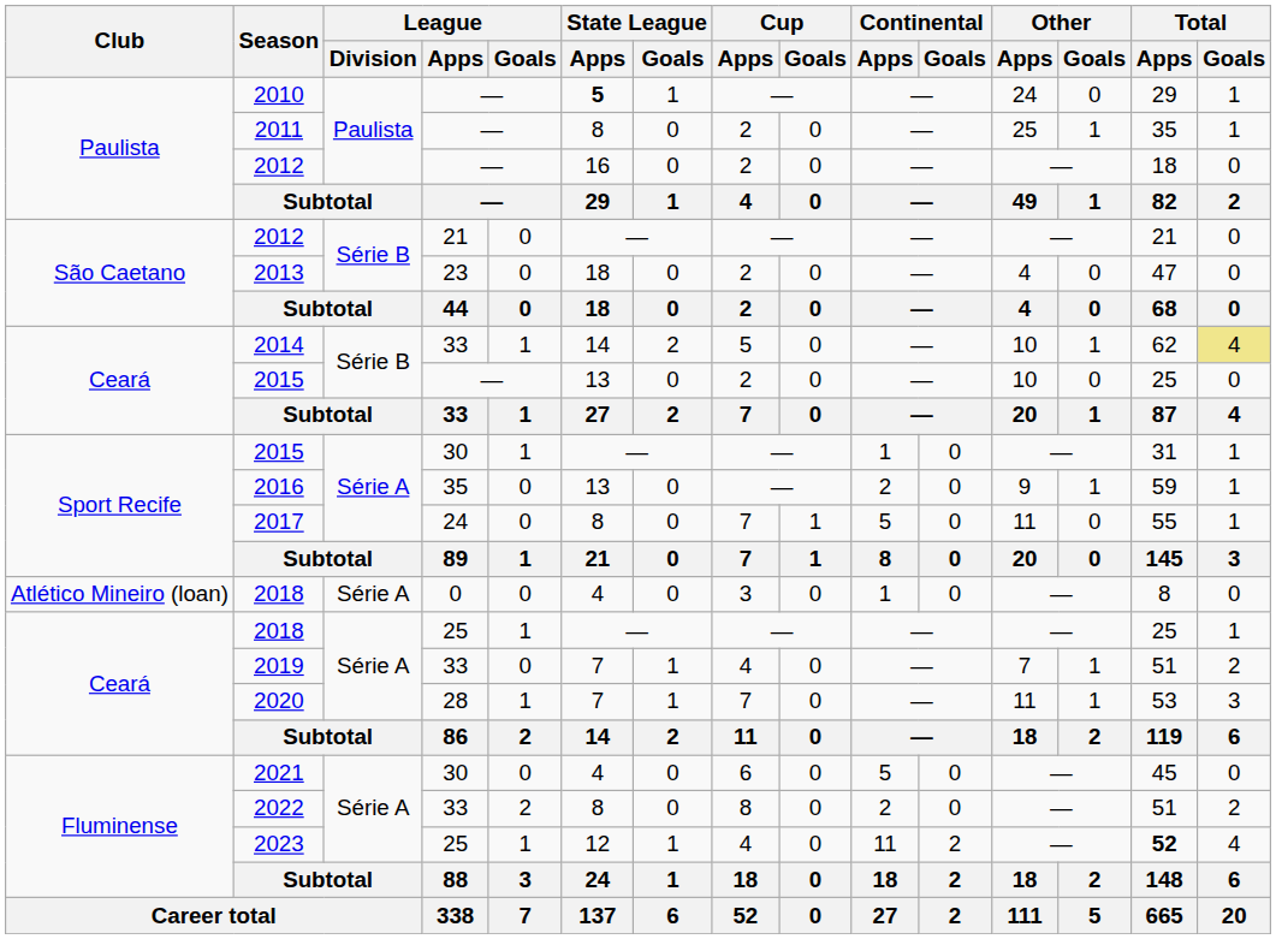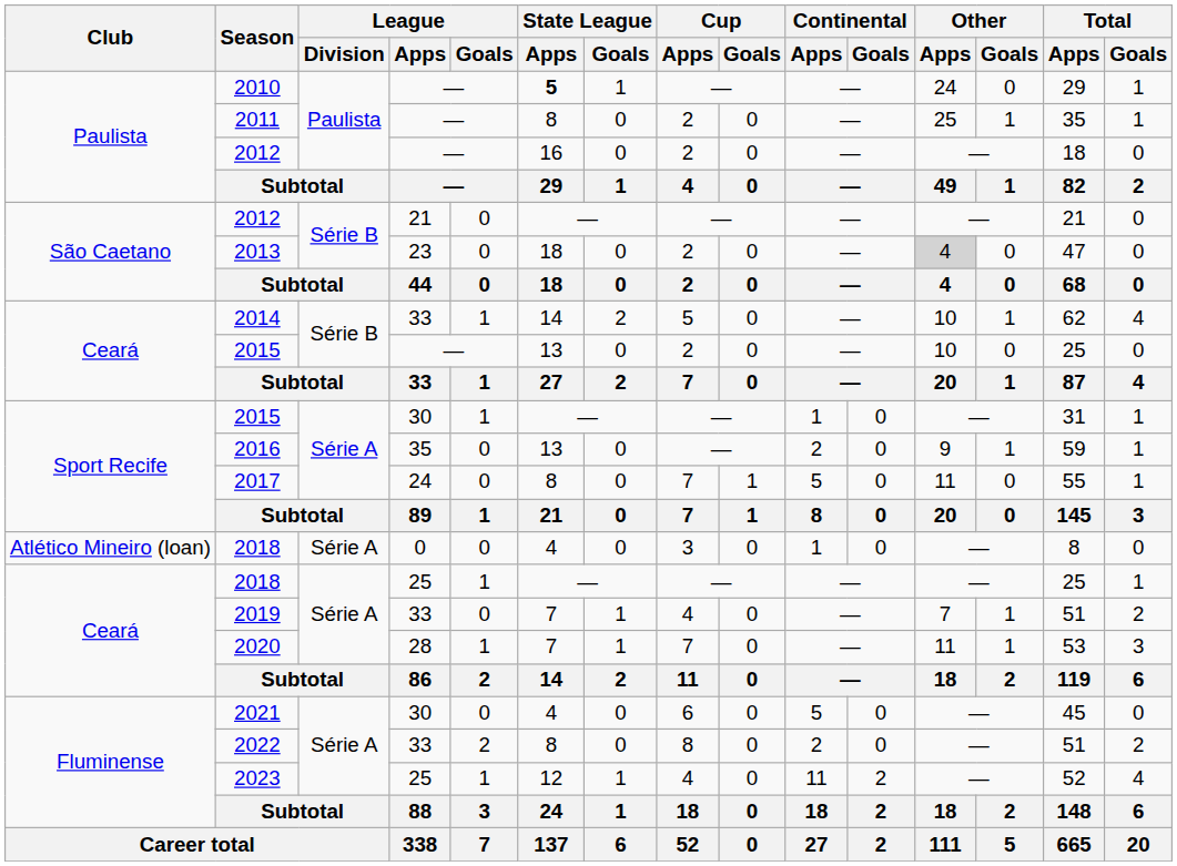 <table class="wikitable" style="text-align: center;">
 <tr>
 <th rowspan="2">Club</th>
 <th rowspan="2">Season</th>
 <th colspan="3">League</th>
 <th colspan="2">State League</th>
 <th colspan="2">Cup</th>
 <th colspan="2">Continental</th>
 <th colspan="2">Other</th>
 <th colspan="2">Total</th>
 </tr>
 <tr>
 <th>Division</th>
 <th>Apps</th>
 <th>Goals</th>
 <th>Apps</th>
 <th>Goals</th>
 <th>Apps</th>
 <th>Goals</th>
 <th>Apps</th>
 <th>Goals</th>
 <th>Apps</th>
 <th>Goals</th>
 <th>Apps</th>
 <th>Goals</th>
 </tr>
 <tr>
 <td rowspan=4 valign="center"><a href='#'>Paulista</a></td>
 <td><a href='#'>2010</a></td>
 <td rowspan=3><a href='#'>Paulista</a></td>
 <td colspan="2">—</td>
 <td><strong>5</strong></td>
 <td>1</td>
 <td colspan="2">—</td>
 <td colspan="2">—</td>
 <td>24</td>
 <td>0</td>
 <td>29</td>
 <td>1</td>
 </tr>
 <tr>
 <td><a href='#'>2011</a></td>
 <td colspan="2">—</td>
 <td>8</td>
 <td>0</td>
 <td>2</td>
 <td>0</td>
 <td colspan="2">—</td>
 <td>25</td>
 <td>1</td>
 <td>35</td>
 <td>1</td>
 </tr>
 <tr>
 <td><a href='#'>2012</a></td>
 <td colspan="2">—</td>
 <td>16</td>
 <td>0</td>
 <td>2</td>
 <td>0</td>
 <td colspan="2">—</td>
 <td colspan="2">—</td>
 <td>18</td>
 <td>0</td>
 </tr>
 <tr>
 <th colspan="2"><strong>Subtotal</strong></th>
 <th colspan="2">—</th>
 <th>29</th>
 <th>1</th>
 <th>4</th>
 <th>0</th>
 <th colspan="2">—</th>
 <th>49</th>
 <th>1</th>
 <th>82</th>
 <th>2</th>
 </tr>
 <tr>
 <td rowspan=3 valign="center"><a href='#'>São Caetano</a></td>
 <td><a href='#'>2012</a></td>
 <td rowspan=2><a href='#'>Série B</a></td>
 <td>21</td>
 <td>0</td>
 <td colspan="2">—</td>
 <td colspan="2">—</td>
 <td colspan="2">—</td>
 <td colspan="2">—</td>
 <td>21</td>
 <td>0</td>
 </tr>
 <tr>
 <td><a href='#'>2013</a></td>
 <td>23</td>
 <td>0</td>
 <td>18</td>
 <td>0</td>
 <td>2</td>
 <td>0</td>
 <td colspan="2">—</td>
-<td>4</td>
+<td style="background: lightgrey;">4</td>
 <td>0</td>
 <td>47</td>
 <td>0</td>
 </tr>
 <tr>
 <th colspan="2"><strong>Subtotal</strong></th>
 <th>44</th>
 <th>0</th>
 <th>18</th>
 <th>0</th>
 <th>2</th>
 <th>0</th>
 <th colspan="2">—</th>
 <th>4</th>
 <th>0</th>
 <th>68</th>
 <th>0</th>
 </tr>
 <tr>
 <td rowspan=3 valign="center"><a href='#'>Ceará</a></td>
 <td><a href='#'>2014</a></td>
 <td rowspan=2>Série B</td>
 <td>33</td>
 <td>1</td>
 <td>14</td>
 <td>2</td>
 <td>5</td>
 <td>0</td>
 <td colspan="2">—</td>
 <td>10</td>
 <td>1</td>
 <td>62</td>
-<td style="background: khaki;">4</td>
+<td>4</td>
 </tr>
 <tr>
 <td><a href='#'>2015</a></td>
 <td colspan="2">—</td>
 <td>13</td>
 <td>0</td>
 <td>2</td>
 <td>0</td>
 <td colspan="2">—</td>
 <td>10</td>
 <td>0</td>
 <td>25</td>
 <td>0</td>
 </tr>
 <tr>
 <th colspan="2"><strong>Subtotal</strong></th>
 <th>33</th>
 <th>1</th>
 <th>27</th>
 <th>2</th>
 <th>7</th>
 <th>0</th>
 <th colspan="2">—</th>
 <th>20</th>
 <th>1</th>
 <th>87</th>
 <th>4</th>
 </tr>
 <tr>
 <td rowspan=4 valign="center"><a href='#'>Sport Recife</a></td>
 <td><a href='#'>2015</a></td>
 <td rowspan=3><a href='#'>Série A</a></td>
 <td>30</td>
 <td>1</td>
 <td colspan="2">—</td>
 <td colspan="2">—</td>
 <td>1</td>
 <td>0</td>
 <td colspan="2">—</td>
 <td>31</td>
 <td>1</td>
 </tr>
 <tr>
 <td><a href='#'>2016</a></td>
 <td>35</td>
 <td>0</td>
 <td>13</td>
 <td>0</td>
 <td colspan="2">—</td>
 <td>2</td>
 <td>0</td>
 <td>9</td>
 <td>1</td>
 <td>59</td>
 <td>1</td>
 </tr>
 <tr>
 <td><a href='#'>2017</a></td>
 <td>24</td>
 <td>0</td>
 <td>8</td>
 <td>0</td>
 <td>7</td>
 <td>1</td>
 <td>5</td>
 <td>0</td>
 <td>11</td>
 <td>0</td>
 <td>55</td>
 <td>1</td>
 </tr>
 <tr>
 <th colspan="2"><strong>Subtotal</strong></th>
 <th>89</th>
 <th>1</th>
 <th>21</th>
 <th>0</th>
 <th>7</th>
 <th>1</th>
 <th>8</th>
 <th>0</th>
 <th>20</th>
 <th>0</th>
 <th>145</th>
 <th>3</th>
 </tr>
 <tr>
 <td valign="center"><a href='#'>Atlético Mineiro</a> (loan)</td>
 <td><a href='#'>2018</a></td>
 <td>Série A</td>
 <td>0</td>
 <td>0</td>
 <td>4</td>
 <td>0</td>
 <td>3</td>
 <td>0</td>
 <td>1</td>
 <td>0</td>
 <td colspan="2">—</td>
 <td>8</td>
 <td>0</td>
 </tr>
 <tr>
 <td rowspan=4 valign="center"><a href='#'>Ceará</a></td>
 <td><a href='#'>2018</a></td>
 <td rowspan=3>Série A</td>
 <td>25</td>
 <td>1</td>
 <td colspan="2">—</td>
 <td colspan="2">—</td>
 <td colspan="2">—</td>
 <td colspan="2">—</td>
 <td>25</td>
 <td>1</td>
 </tr>
 <tr>
 <td><a href='#'>2019</a></td>
 <td>33</td>
 <td>0</td>
 <td>7</td>
 <td>1</td>
 <td>4</td>
 <td>0</td>
 <td colspan="2">—</td>
 <td>7</td>
 <td>1</td>
 <td>51</td>
 <td>2</td>
 </tr>
 <tr>
 <td><a href='#'>2020</a></td>
 <td>28</td>
 <td>1</td>
 <td>7</td>
 <td>1</td>
 <td>7</td>
 <td>0</td>
 <td colspan="2">—</td>
 <td>11</td>
 <td>1</td>
 <td>53</td>
 <td>3</td>
 </tr>
 <tr>
 <th colspan="2"><strong>Subtotal</strong></th>
 <th>86</th>
 <th>2</th>
 <th>14</th>
 <th>2</th>
 <th>11</th>
 <th>0</th>
 <th colspan="2">—</th>
 <th>18</th>
 <th>2</th>
 <th>119</th>
 <th>6</th>
 </tr>
 <tr>
 <td rowspan=4 valign="center"><a href='#'>Fluminense</a></td>
 <td><a href='#'>2021</a></td>
 <td rowspan=3>Série A</td>
 <td>30</td>
 <td>0</td>
 <td>4</td>
 <td>0</td>
 <td>6</td>
 <td>0</td>
 <td>5</td>
 <td>0</td>
 <td colspan="2">—</td>
 <td>45</td>
 <td>0</td>
 </tr>
 <tr>
 <td><a href='#'>2022</a></td>
 <td>33</td>
 <td>2</td>
 <td>8</td>
 <td>0</td>
 <td>8</td>
 <td>0</td>
 <td>2</td>
 <td>0</td>
 <td colspan="2">—</td>
 <td>51</td>
 <td>2</td>
 </tr>
 <tr>
 <td><a href='#'>2023</a></td>
 <td>25</td>
 <td>1</td>
 <td>12</td>
 <td>1</td>
 <td>4</td>
 <td>0</td>
 <td>11</td>
 <td>2</td>
 <td colspan="2">—</td>
-<td><strong>52</strong></td>
+<td>52</td>
 <td>4</td>
 </tr>
 <tr>
 <th colspan="2"><strong>Subtotal</strong></th>
 <th>88</th>
 <th>3</th>
 <th>24</th>
 <th>1</th>
 <th>18</th>
 <th>0</th>
 <th>18</th>
 <th>2</th>
 <th>18</th>
 <th>2</th>
 <th>148</th>
 <th>6</th>
 </tr>
 <tr>
 <th colspan="3"><strong>Career total</strong></th>
 <th>338</th>
 <th>7</th>
 <th>137</th>
 <th>6</th>
 <th>52</th>
 <th>0</th>
 <th>27</th>
 <th>2</th>
 <th>111</th>
 <th>5</th>
 <th>665</th>
 <th>20</th>
 </tr>
 </table>
